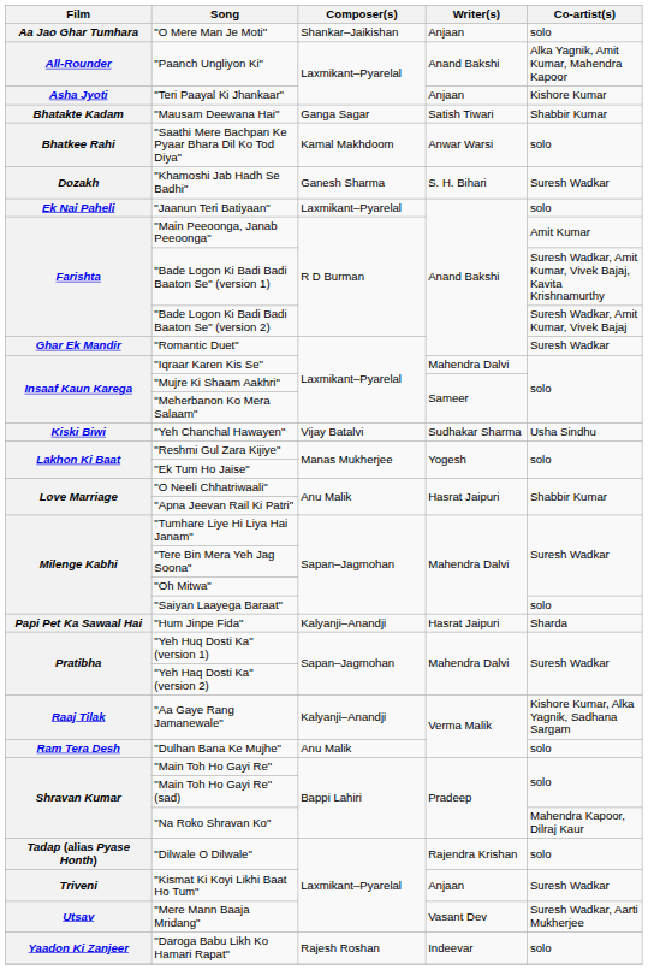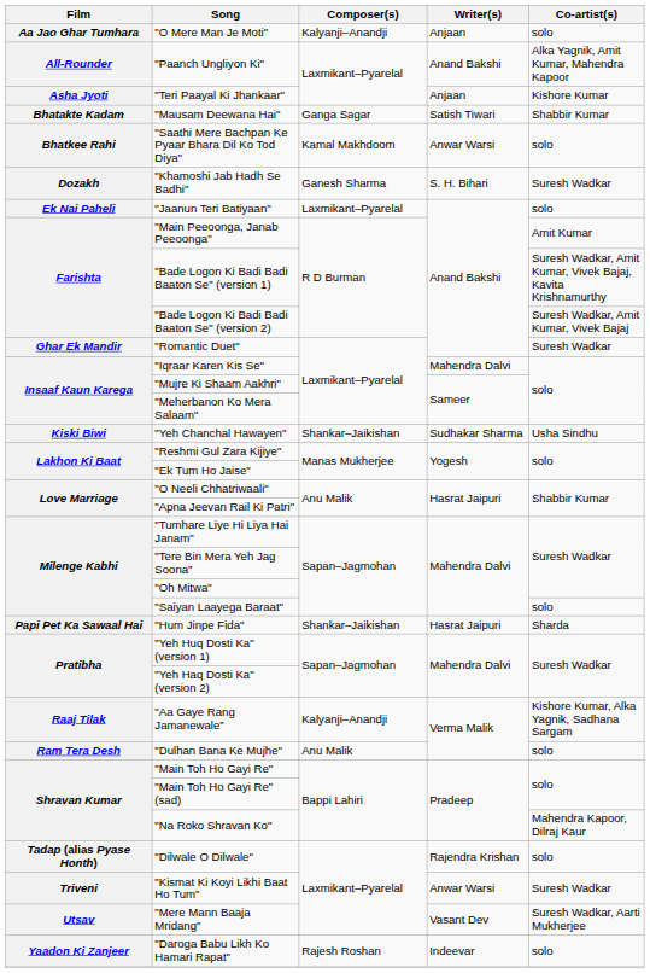 <table class="wikitable plainrowheaders" style="width:100%; textcolor:#000">
 <tr style="background:#b0e0e66;">
 <th scope="col" style="width:23%;"><strong>Film</strong></th>
 <th scope="col" style="width:23%;"><strong>Song</strong></th>
 <th scope="col" style="width:20%;"><strong>Composer(s)</strong></th>
 <th scope="col" style="width:16%;"><strong>Writer(s)</strong></th>
 <th scope="col" style="width:18%;"><strong>Co-artist(s)</strong></th>
 </tr>
 <tr>
 <th><em>Aa Jao Ghar Tumhara</em></th>
 <td>"O Mere Man Je Moti"</td>
-<td>Shankar–Jaikishan</td>
+<td>Kalyanji–Anandji</td>
 <td>Anjaan</td>
 <td>solo</td>
 </tr>
 <tr>
 <th><em><a href='#'>All-Rounder</a></em></th>
 <td>"Paanch Ungliyon Ki"</td>
 <td rowspan=2>Laxmikant–Pyarelal</td>
 <td>Anand Bakshi</td>
 <td>Alka Yagnik, Amit Kumar, Mahendra Kapoor</td>
 </tr>
 <tr>
 <th><em><a href='#'>Asha Jyoti</a></em></th>
 <td>"Teri Paayal Ki Jhankaar"</td>
 <td>Anjaan</td>
 <td>Kishore Kumar</td>
 </tr>
 <tr>
 <th><em>Bhatakte Kadam</em></th>
 <td>"Mausam Deewana Hai"</td>
 <td>Ganga Sagar</td>
 <td>Satish Tiwari</td>
 <td>Shabbir Kumar</td>
 </tr>
 <tr>
 <th><em>Bhatkee Rahi</em></th>
 <td>"Saathi Mere Bachpan Ke Pyaar Bhara Dil Ko Tod Diya"</td>
 <td>Kamal Makhdoom</td>
 <td>Anwar Warsi</td>
 <td>solo</td>
 </tr>
 <tr>
 <th><em>Dozakh</em></th>
 <td>"Khamoshi Jab Hadh Se Badhi"</td>
 <td>Ganesh Sharma</td>
 <td>S. H. Bihari</td>
 <td>Suresh Wadkar</td>
 </tr>
 <tr>
 <th><em><a href='#'>Ek Nai Paheli</a></em></th>
 <td>"Jaanun Teri Batiyaan"</td>
 <td>Laxmikant–Pyarelal</td>
 <td rowspan=5>Anand Bakshi</td>
 <td>solo</td>
 </tr>
 <tr>
 <th rowspan=3><em><a href='#'>Farishta</a></em></th>
 <td>"Main Peeoonga, Janab Peeoonga"</td>
 <td Rowspan=3>R D Burman</td>
 <td>Amit Kumar</td>
 </tr>
 <tr>
 <td>"Bade Logon Ki Badi Badi Baaton Se" (version 1)</td>
 <td>Suresh Wadkar, Amit Kumar, Vivek Bajaj, Kavita Krishnamurthy</td>
 </tr>
 <tr>
 <td>"Bade Logon Ki Badi Badi Baaton Se" (version 2)</td>
 <td>Suresh Wadkar, Amit Kumar, Vivek Bajaj</td>
 </tr>
 <tr>
 <th><em><a href='#'>Ghar Ek Mandir</a></em></th>
 <td>"Romantic Duet"</td>
 <td Rowspan=4>Laxmikant–Pyarelal</td>
 <td>Suresh Wadkar</td>
 </tr>
 <tr>
 <th Rowspan=3><em><a href='#'>Insaaf Kaun Karega</a></em></th>
 <td>"Iqraar Karen Kis Se"</td>
 <td>Mahendra Dalvi</td>
 <td Rowspan=3>solo</td>
 </tr>
 <tr>
 <td>"Mujre Ki Shaam Aakhri"</td>
 <td rowspan=2>Sameer</td>
 </tr>
 <tr>
 <td>"Meherbanon Ko Mera Salaam"</td>
 </tr>
 <tr>
 <th><em><a href='#'>Kiski Biwi</a></em></th>
 <td>"Yeh Chanchal Hawayen"</td>
-<td>Vijay Batalvi</td>
+<td>Shankar–Jaikishan</td>
 <td>Sudhakar Sharma</td>
 <td>Usha Sindhu</td>
 </tr>
 <tr>
 <th rowspan=2><em><a href='#'>Lakhon Ki Baat</a></em></th>
 <td>"Reshmi Gul Zara Kijiye"</td>
 <td rowspan=2>Manas Mukherjee</td>
 <td rowspan=2>Yogesh</td>
 <td rowspan=2>solo</td>
 </tr>
 <tr>
 <td>"Ek Tum Ho Jaise"</td>
 </tr>
 <tr>
 <th Rowspan=2><em>Love Marriage</em></th>
 <td>"O Neeli Chhatriwaali"</td>
 <td rowspan=2>Anu Malik</td>
 <td rowspan=2>Hasrat Jaipuri</td>
 <td rowspan=2>Shabbir Kumar</td>
 </tr>
 <tr>
 <td>"Apna Jeevan Rail Ki Patri"</td>
 </tr>
 <tr>
 <th rowspan=4><em>Milenge Kabhi</em></th>
 <td>"Tumhare Liye Hi Liya Hai Janam"</td>
 <td rowspan=4>Sapan–Jagmohan</td>
 <td rowspan=4>Mahendra Dalvi</td>
 <td rowspan=3>Suresh Wadkar</td>
 </tr>
 <tr>
 <td>"Tere Bin Mera Yeh Jag Soona"</td>
 </tr>
 <tr>
 <td>"Oh Mitwa"</td>
 </tr>
 <tr>
 <td>"Saiyan Laayega Baraat"</td>
 <td>solo</td>
 </tr>
 <tr>
 <th><em>Papi Pet Ka Sawaal Hai</em></th>
 <td>"Hum Jinpe Fida"</td>
-<td>Kalyanji–Anandji</td>
+<td>Shankar–Jaikishan</td>
 <td>Hasrat Jaipuri</td>
 <td>Sharda</td>
 </tr>
 <tr>
 <th Rowspan=2><em>Pratibha</em></th>
 <td>"Yeh Huq Dosti Ka" (version 1)</td>
 <td rowspan=2>Sapan–Jagmohan</td>
 <td Rowspan=2>Mahendra Dalvi</td>
 <td Rowspan=2>Suresh Wadkar</td>
 </tr>
 <tr>
 <td>"Yeh Haq Dosti Ka" (version 2)</td>
 </tr>
 <tr>
 <th><em><a href='#'>Raaj Tilak</a></em></th>
 <td>"Aa Gaye Rang Jamanewale"</td>
 <td>Kalyanji–Anandji</td>
 <td Rowspan=2>Verma Malik</td>
 <td>Kishore Kumar, Alka Yagnik, Sadhana Sargam</td>
 </tr>
 <tr>
 <th><em><a href='#'>Ram Tera Desh</a></em></th>
 <td>"Dulhan Bana Ke Mujhe"</td>
 <td>Anu Malik</td>
 <td>solo</td>
 </tr>
 <tr>
 <th rowspan=3><em>Shravan Kumar</em></th>
 <td>"Main Toh Ho Gayi Re"</td>
 <td Rowspan=3>Bappi Lahiri</td>
 <td rowspan=3>Pradeep</td>
 <td rowspan=2>solo</td>
 </tr>
 <tr>
 <td>"Main Toh Ho Gayi Re" (sad)</td>
 </tr>
 <tr>
 <td>"Na Roko Shravan Ko"</td>
 <td>Mahendra Kapoor, Dilraj Kaur</td>
 </tr>
 <tr>
 <th><em>Tadap</em> (alias <em>Pyase Honth</em>)</th>
 <td>"Dilwale O Dilwale"</td>
 <td rowspan=3>Laxmikant–Pyarelal</td>
 <td>Rajendra Krishan</td>
 <td>solo</td>
 </tr>
 <tr>
 <th><em>Triveni</em></th>
 <td>"Kismat Ki Koyi Likhi Baat Ho Tum"</td>
-<td>Anjaan</td>
+<td>Anwar Warsi</td>
 <td>Suresh Wadkar</td>
 </tr>
 <tr>
 <th><em><a href='#'>Utsav</a></em></th>
 <td>"Mere Mann Baaja Mridang"</td>
 <td>Vasant Dev</td>
 <td>Suresh Wadkar, Aarti Mukherjee</td>
 </tr>
 <tr>
 <th><em><a href='#'>Yaadon Ki Zanjeer</a></em></th>
 <td>"Daroga Babu Likh Ko Hamari Rapat"</td>
 <td>Rajesh Roshan</td>
 <td>Indeevar</td>
 <td>solo</td>
 </tr>
 <tr>
 </tr>
 </table>
